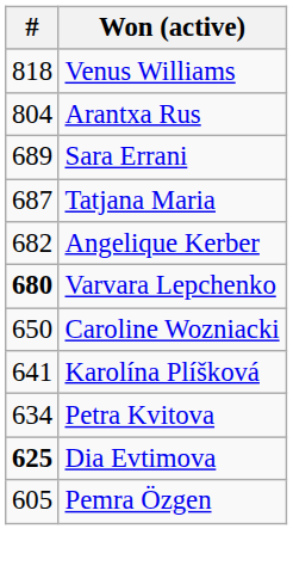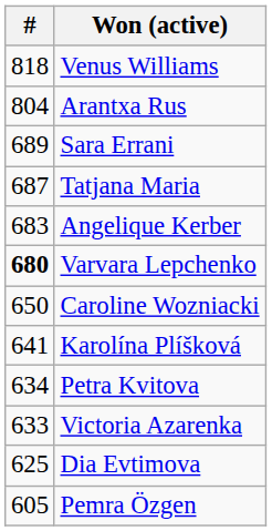 <table class=wikitable style=display:inline-table>
 <tr>
 <th>#</th>
 <th>Won (active)</th>
 </tr>
 <tr>
 <td>818</td>
 <td> <a href='#'>Venus Williams</a></td>
 </tr>
 <tr>
 <td>804</td>
 <td> <a href='#'>Arantxa Rus</a></td>
 </tr>
 <tr>
 <td>689</td>
 <td> <a href='#'>Sara Errani</a></td>
 </tr>
 <tr>
 <td>687</td>
 <td> <a href='#'>Tatjana Maria</a></td>
 </tr>
 <tr>
-<td>682</td>
+<td>683</td>
 <td> <a href='#'>Angelique Kerber</a></td>
 </tr>
 <tr>
 <td><strong>680</strong></td>
 <td> <a href='#'>Varvara Lepchenko</a></td>
 </tr>
 <tr>
 <td>650</td>
 <td> <a href='#'>Caroline Wozniacki</a></td>
 </tr>
 <tr>
 <td>641</td>
 <td> <a href='#'>Karolína Plíšková</a></td>
 </tr>
 <tr>
 <td>634</td>
 <td> <a href='#'>Petra Kvitova</a></td>
 </tr>
 <tr>
-<td><strong>625</strong></td>
+<td>633</td>
+<td> <a href='#'>Victoria Azarenka</a></td>
+</tr>
+<tr>
+<td>625</td>
 <td> <a href='#'>Dia Evtimova</a></td>
 </tr>
 <tr>
 <td>605</td>
 <td> <a href='#'>Pemra Özgen</a></td>
 </tr>
 </table>
